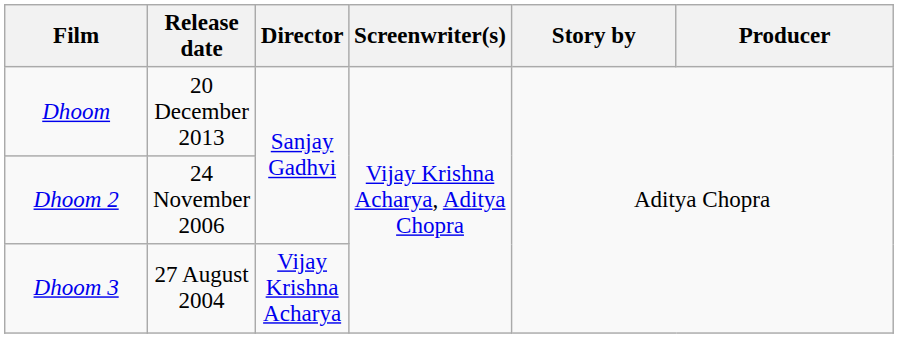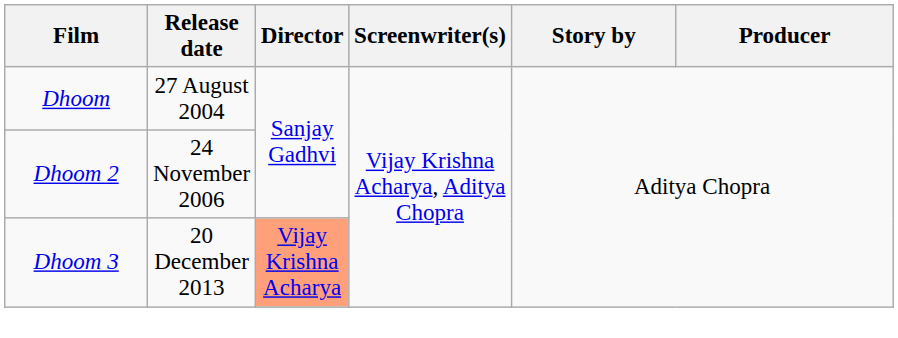 <table class="wikitable plainrowheaders" style="text-align:center; width:99%;">
 <tr>
 <th width=17%>Film</th>
 <th>Release date</th>
 <th>Director</th>
 <th width=18%>Screenwriter(s)</th>
 <th width=20%>Story by</th>
 <th width=26%>Producer</th>
 </tr>
 <tr>
 <td><em><a href='#'>Dhoom</a></em></td>
-<td>20 December 2013</td>
+<td>27 August 2004</td>
 <td rowspan=2><a href='#'>Sanjay Gadhvi</a></td>
 <td rowspan=3><a href='#'>Vijay Krishna Acharya</a>, <a href='#'>Aditya Chopra</a></td>
 <td colspan="2" rowspan="3">Aditya Chopra</td>
 </tr>
 <tr>
 <td><em><a href='#'>Dhoom 2</a></em></td>
 <td>24 November 2006</td>
 </tr>
 <tr>
 <td><em><a href='#'>Dhoom 3</a></em></td>
-<td>27 August 2004</td>
-<td><a href='#'>Vijay Krishna Acharya</a></td>
+<td>20 December 2013</td>
+<td style="background: lightsalmon;"><a href='#'>Vijay Krishna Acharya</a></td>
 </tr>
 </table>
